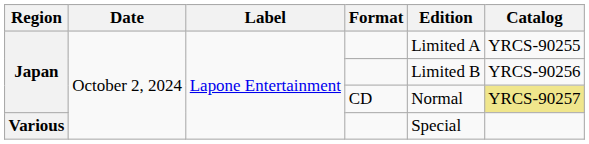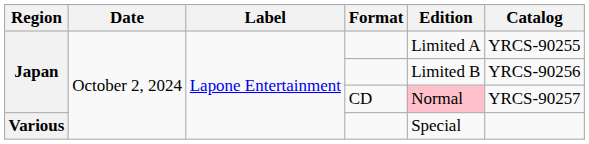 <table class="wikitable plainrowheaders">
 <tr>
 <th>Region</th>
 <th>Date</th>
 <th>Label</th>
 <th>Format</th>
 <th>Edition</th>
 <th>Catalog</th>
 </tr>
 <tr>
 <th rowspan="3" scope="row">Japan</th>
 <td rowspan="4">October 2, 2024</td>
 <td rowspan="4"><a href='#'>Lapone Entertainment</a></td>
 <td></td>
 <td>Limited A</td>
 <td>YRCS-90255</td>
 </tr>
 <tr>
 <td></td>
 <td>Limited B</td>
 <td>YRCS-90256</td>
 </tr>
 <tr>
 <td>CD</td>
-<td>Normal</td>
-<td style="background: khaki;">YRCS-90257</td>
+<td style="background: pink;">Normal</td>
+<td>YRCS-90257</td>
 </tr>
 <tr>
 <th scope="row">Various</th>
 <td></td>
 <td>Special</td>
 <td></td>
 </tr>
 </table>
